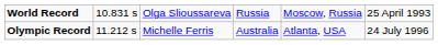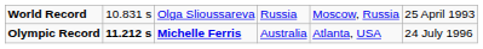 <table class="wikitable">
 <tr>
 <td><strong>World Record</strong></td>
 <td>10.831 s</td>
 <td><a href='#'>Olga Slioussareva</a></td>
 <td><a href='#'>Russia</a></td>
 <td><a href='#'>Moscow</a>, <a href='#'>Russia</a></td>
 <td>25 April 1993</td>
 </tr>
 <tr>
 <td><strong>Olympic Record</strong></td>
-<td>11.212 s</td>
-<td><a href='#'>Michelle Ferris</a></td>
+<td><strong>11.212 s</strong></td>
+<td><strong><a href='#'>Michelle Ferris</a></strong></td>
 <td><a href='#'>Australia</a></td>
 <td><a href='#'>Atlanta</a>, <a href='#'>USA</a></td>
 <td>24 July 1996</td>
 </tr>
 </table>
